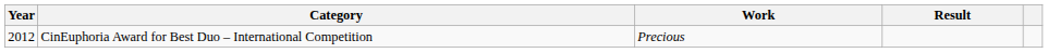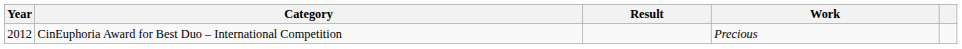 <table class="wikitable">
 <tr>
 <th scope="col" style="width:1em;">Year</th>
 <th scope="col" style="width:44em;">Category</th>
+<th scope="col" style="width:10em;">Result</th>
 <th scope="col" style="width:18em;">Work</th>
-<th scope="col" style="width:10em;">Result</th>
 <th class="unsortable" style="width:1em;"></th>
 </tr>
 <tr>
 <td>2012</td>
 <td>CinEuphoria Award for Best Duo – International Competition </td>
+<td></td>
 <td><em>Precious</em></td>
-<td></td>
 <td></td>
 </tr>
 </table>
